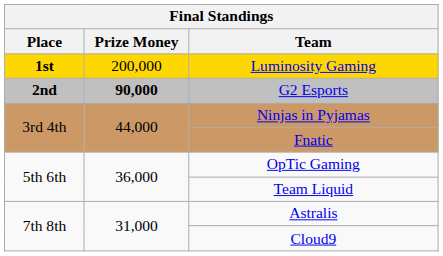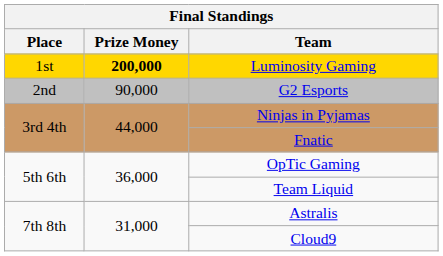 <table class="wikitable" style="text-align: center;">
 <tr>
 <th colspan=3>Final Standings</th>
 </tr>
 <tr>
 <th width="75px">Place</th>
 <th width="100">Prize Money</th>
 <th width="250px">Team</th>
 </tr>
 <tr>
-<td style="text-align:center; background:gold;"><strong>1st</strong></td>
-<td style="text-align:center; background:gold;">200,000</td>
+<td style="text-align:center; background:gold;">1st</td>
+<td style="text-align:center; background:gold;"><strong>200,000</strong></td>
 <td style="text-align:center; background:gold;"> <a href='#'>Luminosity Gaming</a></td>
 </tr>
 <tr>
-<td style="text-align:center; background:silver;"><strong>2nd</strong></td>
-<td style="text-align:center; background:silver;"><strong>90,000</strong></td>
+<td style="text-align:center; background:silver;">2nd</td>
+<td style="text-align:center; background:silver;">90,000</td>
 <td style="text-align:center; background:silver;"> <a href='#'>G2 Esports</a></td>
 </tr>
 <tr>
 <td style="text-align:center; background:#c96;" rowspan="2">3rd  4th</td>
 <td style="text-align:center; background:#c96;" rowspan="2">44,000</td>
 <td style="text-align:center; background:#c96;"> <a href='#'>Ninjas in Pyjamas</a></td>
 </tr>
 <tr>
 <td style="text-align:center; background:#c96;"> <a href='#'>Fnatic</a></td>
 </tr>
 <tr>
 <td rowspan="2">5th  6th</td>
 <td rowspan="2">36,000</td>
 <td> <a href='#'>OpTic Gaming</a></td>
 </tr>
 <tr>
 <td> <a href='#'>Team Liquid</a></td>
 </tr>
 <tr>
 <td rowspan="2">7th  8th</td>
 <td rowspan="2">31,000</td>
 <td> <a href='#'>Astralis</a></td>
 </tr>
 <tr>
 <td> <a href='#'>Cloud9</a></td>
 </tr>
 </table>
